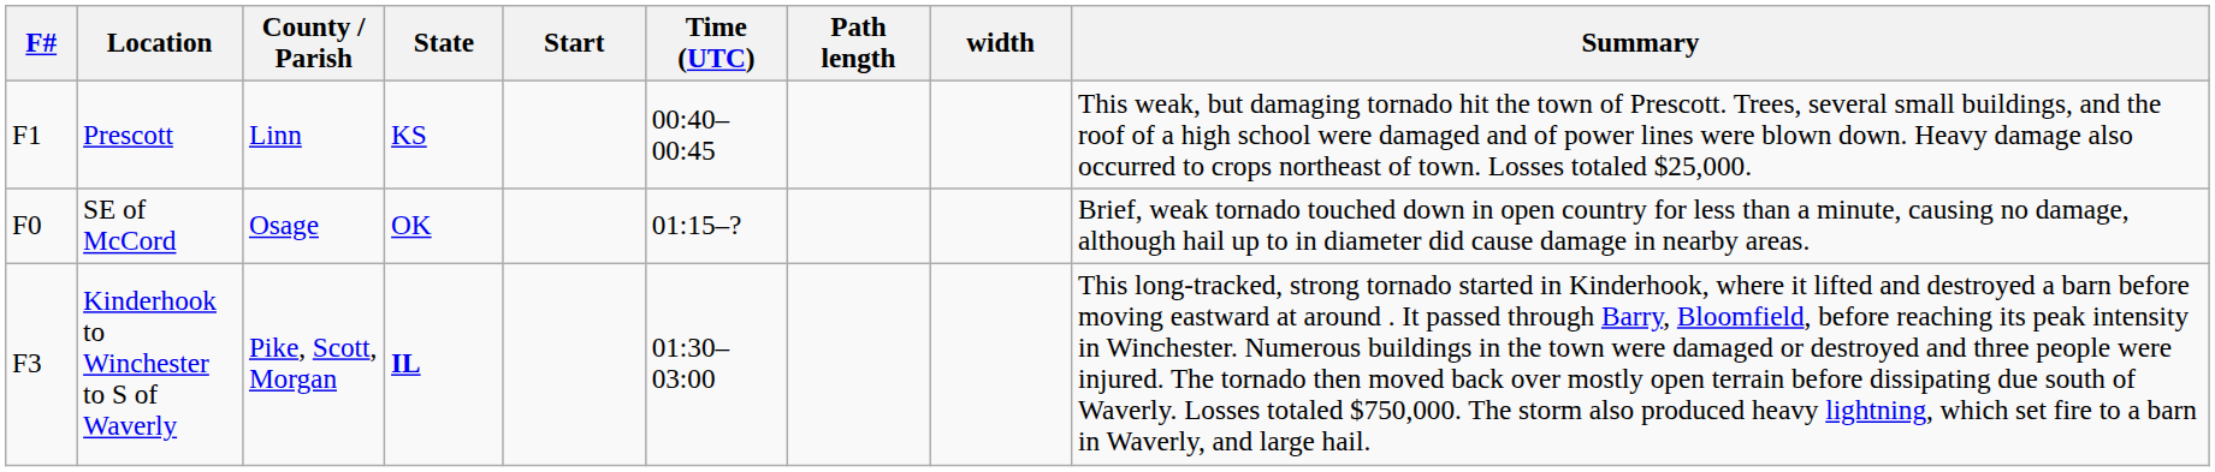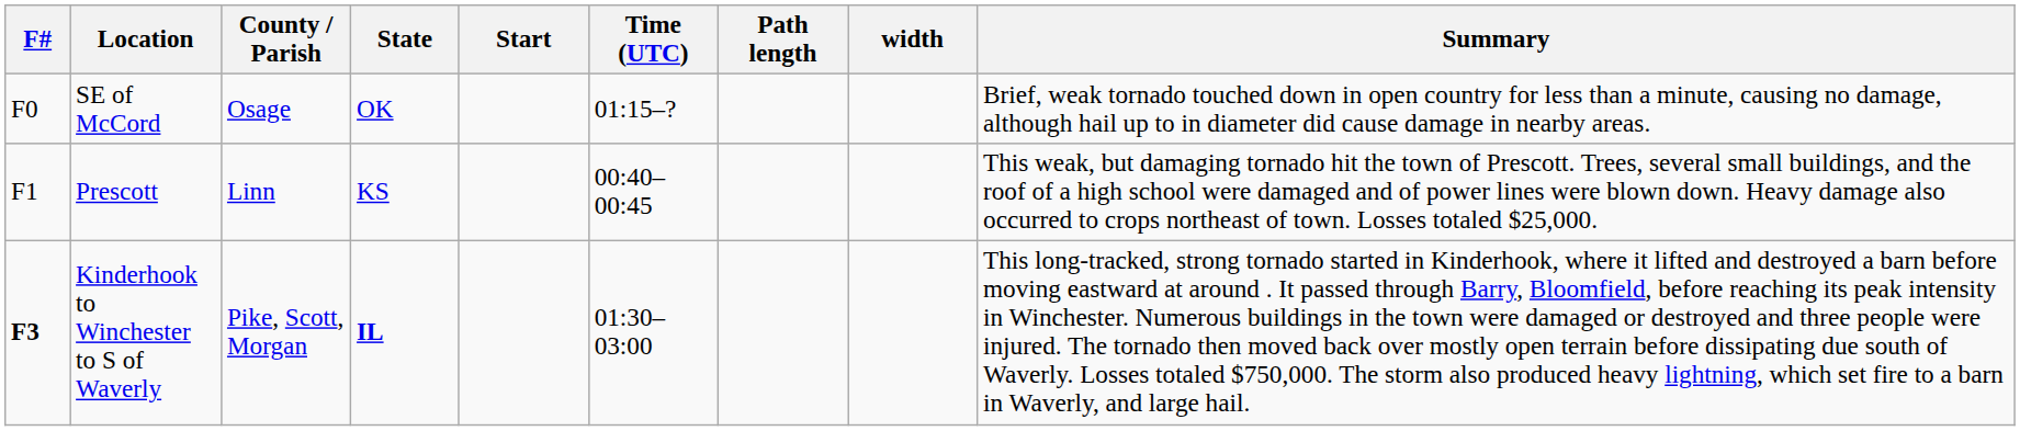 <table class="wikitable sortable" style="width:100%;">
 <tr>
 <th scope="col"  style="width:3%; text-align:center;"><a href='#'>F#</a></th>
 <th scope="col"  style="width:7%; text-align:center;" class="unsortable">Location</th>
 <th scope="col"  style="width:6%; text-align:center;" class="unsortable">County / Parish</th>
 <th scope="col"  style="width:5%; text-align:center;">State</th>
 <th scope="col"  style="width:6%; text-align:center;">Start<br></th>
 <th scope="col"  style="width:6%; text-align:center;">Time (<a href='#'>UTC</a>)</th>
 <th scope="col"  style="width:6%; text-align:center;">Path length</th>
 <th scope="col"  style="width:6%; text-align:center;"> width</th>
 <th scope="col" class="unsortable" style="width:48%; text-align:center;">Summary</th>
 </tr>
 <tr>
+<td>F0</td>
+<td>SE of <a href='#'>McCord</a></td>
+<td><a href='#'>Osage</a></td>
+<td><a href='#'>OK</a></td>
+<td></td>
+<td>01:15–?</td>
+<td></td>
+<td></td>
+<td>Brief, weak tornado touched down in open country for less than a minute, causing no damage, although hail up to  in diameter did cause damage in nearby areas.</td>
+</tr>
+<tr>
 <td>F1</td>
 <td><a href='#'>Prescott</a></td>
 <td><a href='#'>Linn</a></td>
 <td><a href='#'>KS</a></td>
 <td></td>
 <td>00:40–00:45</td>
 <td></td>
 <td></td>
 <td>This weak, but damaging tornado hit the town of Prescott. Trees, several small buildings, and the roof of a high school were damaged and  of power lines were blown down. Heavy damage also occurred to crops northeast of town. Losses totaled $25,000.</td>
 </tr>
 <tr>
-<td>F0</td>
-<td>SE of <a href='#'>McCord</a></td>
-<td><a href='#'>Osage</a></td>
-<td><a href='#'>OK</a></td>
-<td></td>
-<td>01:15–?</td>
-<td></td>
-<td></td>
-<td>Brief, weak tornado touched down in open country for less than a minute, causing no damage, although hail up to  in diameter did cause damage in nearby areas.</td>
-</tr>
-<tr>
-<td>F3</td>
+<td><strong>F3</strong></td>
 <td><a href='#'>Kinderhook</a> to <a href='#'>Winchester</a> to S of <a href='#'>Waverly</a></td>
 <td><a href='#'>Pike</a>, <a href='#'>Scott</a>, <a href='#'>Morgan</a></td>
 <td><strong><a href='#'>IL</a></strong></td>
 <td></td>
 <td>01:30–03:00</td>
 <td></td>
 <td></td>
 <td>This long-tracked, strong tornado started in Kinderhook, where it lifted and destroyed a barn before moving eastward at around . It passed through <a href='#'>Barry</a>, <a href='#'>Bloomfield</a>, before reaching its peak intensity in Winchester. Numerous buildings in the town were damaged or destroyed and three people were injured. The tornado then moved back over mostly open terrain before dissipating due south of Waverly. Losses totaled $750,000. The storm also produced heavy <a href='#'>lightning</a>, which set fire to a barn in Waverly, and large hail.<br></td>
 </tr>
 </table>
